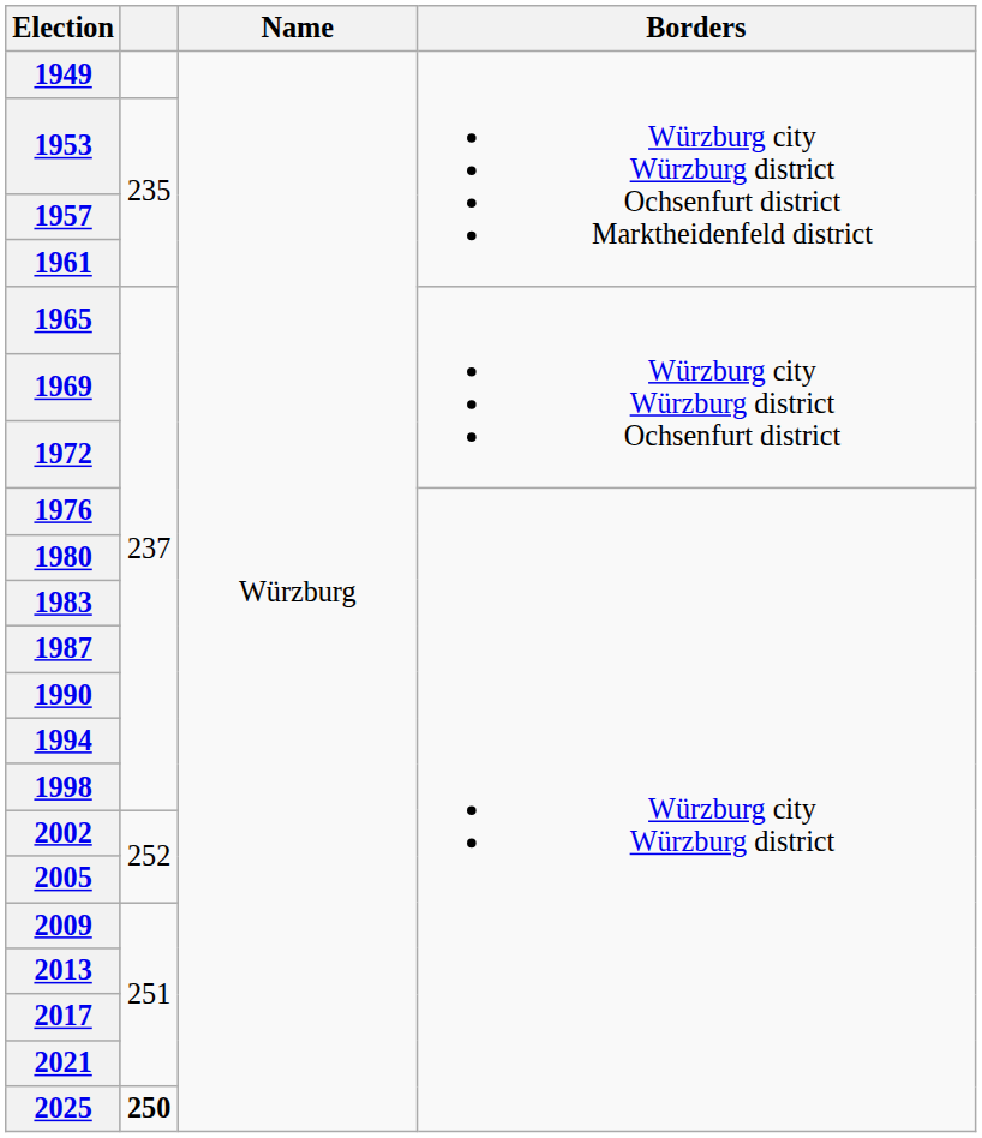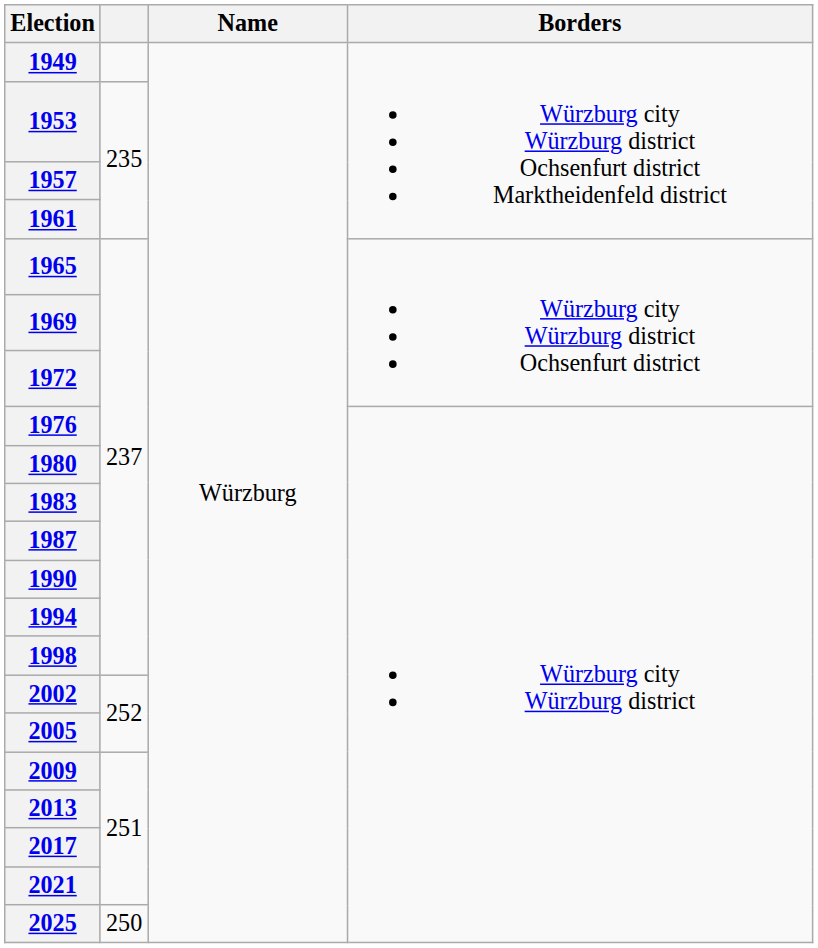 <table class=wikitable style="text-align:center">
 <tr>
 <th>Election</th>
 <th></th>
 <th width=125px>Name</th>
 <th width=300px>Borders</th>
 </tr>
 <tr>
 <th><a href='#'>1949</a></th>
 <td></td>
 <td rowspan=21>Würzburg</td>
 <td rowspan=4><br><ul><li><a href='#'>Würzburg</a> city</li><li><a href='#'>Würzburg</a> district</li><li>Ochsenfurt district</li><li>Marktheidenfeld district</li></ul></td>
 </tr>
 <tr>
 <th><a href='#'>1953</a></th>
 <td rowspan=3>235</td>
 </tr>
 <tr>
 <th><a href='#'>1957</a></th>
 </tr>
 <tr>
 <th><a href='#'>1961</a></th>
 </tr>
 <tr>
 <th><a href='#'>1965</a></th>
 <td rowspan=10>237</td>
 <td rowspan=3><br><ul><li><a href='#'>Würzburg</a> city</li><li><a href='#'>Würzburg</a> district</li><li>Ochsenfurt district</li></ul></td>
 </tr>
 <tr>
 <th><a href='#'>1969</a></th>
 </tr>
 <tr>
 <th><a href='#'>1972</a></th>
 </tr>
 <tr>
 <th><a href='#'>1976</a></th>
 <td rowspan=14><br><ul><li><a href='#'>Würzburg</a> city</li><li><a href='#'>Würzburg</a> district</li></ul></td>
 </tr>
 <tr>
 <th><a href='#'>1980</a></th>
 </tr>
 <tr>
 <th><a href='#'>1983</a></th>
 </tr>
 <tr>
 <th><a href='#'>1987</a></th>
 </tr>
 <tr>
 <th><a href='#'>1990</a></th>
 </tr>
 <tr>
 <th><a href='#'>1994</a></th>
 </tr>
 <tr>
 <th><a href='#'>1998</a></th>
 </tr>
 <tr>
 <th><a href='#'>2002</a></th>
 <td rowspan=2>252</td>
 </tr>
 <tr>
 <th><a href='#'>2005</a></th>
 </tr>
 <tr>
 <th><a href='#'>2009</a></th>
 <td rowspan=4>251</td>
 </tr>
 <tr>
 <th><a href='#'>2013</a></th>
 </tr>
 <tr>
 <th><a href='#'>2017</a></th>
 </tr>
 <tr>
 <th><a href='#'>2021</a></th>
 </tr>
 <tr>
 <th><a href='#'>2025</a></th>
-<td><strong>250</strong></td>
+<td>250</td>
 </tr>
 </table>
